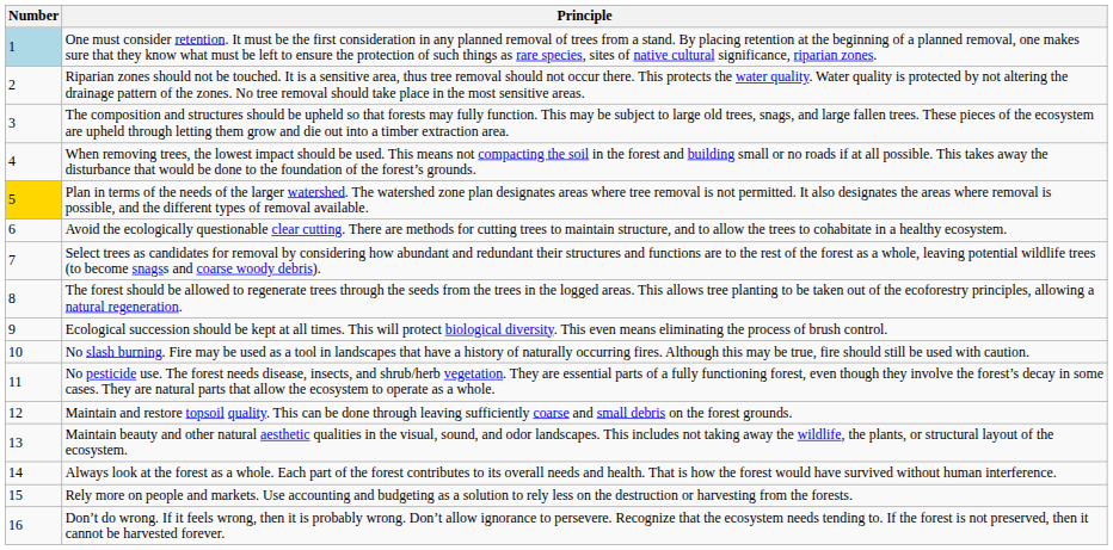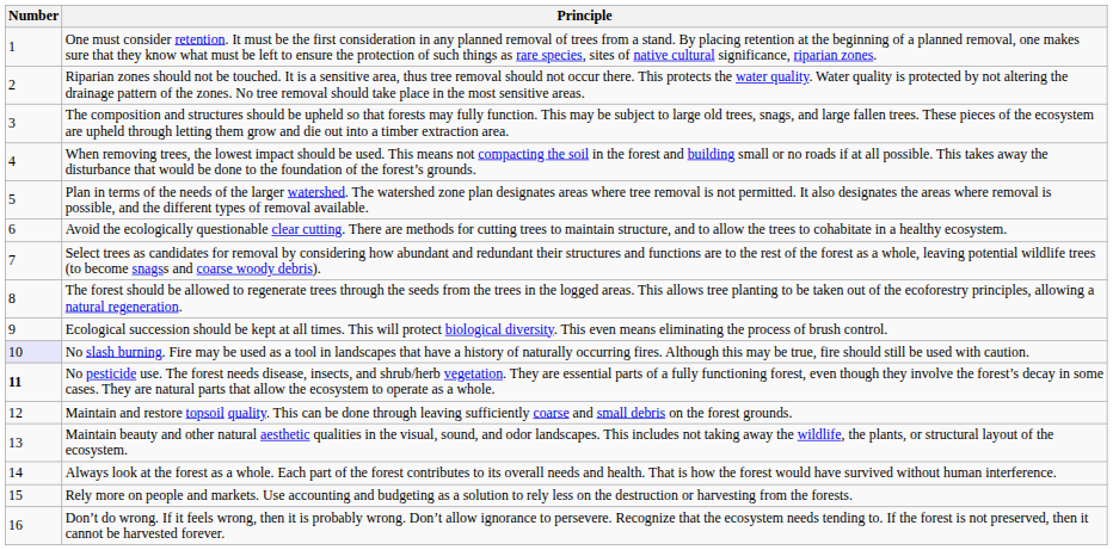 <table class="wikitable">
 <tr>
 <th>Number</th>
 <th>Principle</th>
 </tr>
 <tr>
-<td style="background: lightblue;">1</td>
+<td>1</td>
 <td>One must consider <a href='#'>retention</a>. It must be the first consideration in any planned removal of trees from a stand. By placing retention at the beginning of a planned removal, one makes sure that they know what must be left to ensure the protection of such things as <a href='#'>rare species</a>, sites of <a href='#'>native cultural</a> significance, <a href='#'>riparian zones</a>.</td>
 </tr>
 <tr>
 <td>2</td>
 <td>Riparian zones should not be touched. It is a sensitive area, thus tree removal should not occur there. This protects the <a href='#'>water quality</a>. Water quality is protected by not altering the drainage pattern of the zones. No tree removal should take place in the most sensitive areas.</td>
 </tr>
 <tr>
 <td>3</td>
 <td>The composition and structures should be upheld so that forests may fully function. This may be subject to large old trees, snags, and large fallen trees. These pieces of the ecosystem are upheld through letting them grow and die out into a timber extraction area.</td>
 </tr>
 <tr>
 <td>4</td>
 <td>When removing trees, the lowest impact should be used. This means not <a href='#'>compacting the soil</a> in the forest and <a href='#'>building</a> small or no roads if at all possible. This takes away the disturbance that would be done to the foundation of the forest’s grounds.</td>
 </tr>
 <tr>
-<td style="background: gold;">5</td>
+<td>5</td>
 <td>Plan in terms of the needs of the larger <a href='#'>watershed</a>. The watershed zone plan designates areas where tree removal is not permitted. It also designates the areas where removal is possible, and the different types of removal available.</td>
 </tr>
 <tr>
 <td>6</td>
 <td>Avoid the ecologically questionable <a href='#'>clear cutting</a>. There are methods for cutting trees to maintain structure, and to allow the trees to cohabitate in a healthy ecosystem.</td>
 </tr>
 <tr>
 <td>7</td>
 <td>Select trees as candidates for removal by considering how abundant and redundant their structures and functions are to the rest of the forest as a whole, leaving potential wildlife trees (to become <a href='#'>snags</a>s and <a href='#'>coarse woody debris</a>).</td>
 </tr>
 <tr>
 <td>8</td>
 <td>The forest should be allowed to regenerate trees through the seeds from the trees in the logged areas. This allows tree planting to be taken out of the ecoforestry principles, allowing a <a href='#'>natural regeneration</a>.</td>
 </tr>
 <tr>
 <td>9</td>
 <td>Ecological succession should be kept at all times. This will protect <a href='#'>biological diversity</a>. This even means eliminating the process of brush control.</td>
 </tr>
 <tr>
-<td>10</td>
+<td style="background: lavender;">10</td>
 <td>No <a href='#'>slash burning</a>. Fire may be used as a tool in landscapes that have a history of naturally occurring fires. Although this may be true, fire should still be used with caution.</td>
 </tr>
 <tr>
-<td>11</td>
+<td><strong>11</strong></td>
 <td>No <a href='#'>pesticide</a> use. The forest needs disease, insects, and shrub/herb <a href='#'>vegetation</a>. They are essential parts of a fully functioning forest, even though they involve the forest’s decay in some cases. They are natural parts that allow the ecosystem to operate as a whole.</td>
 </tr>
 <tr>
 <td>12</td>
 <td>Maintain and restore <a href='#'>topsoil</a> <a href='#'>quality</a>. This can be done through leaving sufficiently <a href='#'>coarse</a> and <a href='#'>small debris</a> on the forest grounds.</td>
 </tr>
 <tr>
 <td>13</td>
 <td>Maintain beauty and other natural <a href='#'>aesthetic</a> qualities in the visual, sound, and odor landscapes. This includes not taking away the <a href='#'>wildlife</a>, the plants, or structural layout of the ecosystem.</td>
 </tr>
 <tr>
 <td>14</td>
 <td>Always look at the forest as a whole. Each part of the forest contributes to its overall needs and health. That is how the forest would have survived without human interference.</td>
 </tr>
 <tr>
 <td>15</td>
 <td>Rely more on people and markets. Use accounting and budgeting as a solution to rely less on the destruction or harvesting from the forests.</td>
 </tr>
 <tr>
 <td>16</td>
 <td>Don’t do wrong. If it feels wrong, then it is probably wrong. Don’t allow ignorance to persevere. Recognize that the ecosystem needs tending to. If the forest is not preserved, then it cannot be harvested forever.</td>
 </tr>
 </table>
